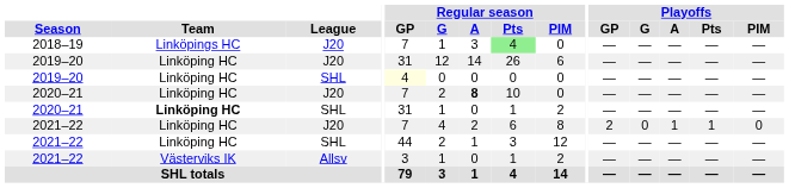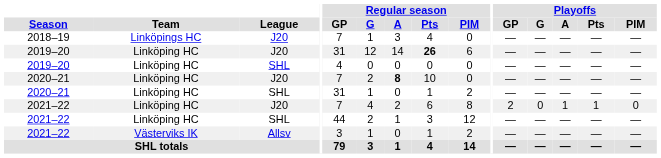 <table border="0" cellpadding="1" cellspacing="0" style="text-align:center; width:60em">
 <tr bgcolor="#e0e0e0">
 <th colspan="3" bgcolor="#ffffff"></th>
 <th rowspan="99" bgcolor="#ffffff"></th>
 <th colspan="5"><a href='#'>Regular season</a></th>
 <th rowspan="99" bgcolor="#ffffff"></th>
 <th colspan="5"><a href='#'>Playoffs</a></th>
 </tr>
 <tr bgcolor="#e0e0e0">
 <th><a href='#'>Season</a></th>
 <th>Team</th>
 <th>League</th>
 <th>GP</th>
 <th><a href='#'>G</a></th>
 <th><a href='#'>A</a></th>
 <th><a href='#'>Pts</a></th>
 <th><a href='#'>PIM</a></th>
 <th>GP</th>
 <th>G</th>
 <th>A</th>
 <th>Pts</th>
 <th>PIM</th>
 </tr>
 <tr ALIGN="center">
 <td>2018–19</td>
 <td><a href='#'>Linköpings HC</a></td>
 <td><a href='#'>J20</a></td>
 <td>7</td>
 <td>1</td>
 <td>3</td>
-<td style="background: lightgreen;">4</td>
+<td>4</td>
 <td>0</td>
 <td>—</td>
 <td>—</td>
 <td>—</td>
 <td>—</td>
 <td>—</td>
 </tr>
 <tr ALIGN="center" bgcolor="#f0f0f0">
 <td>2019–20</td>
 <td>Linköping HC</td>
 <td>J20</td>
 <td>31</td>
 <td>12</td>
 <td>14</td>
-<td>26</td>
+<td><strong>26</strong></td>
 <td>6</td>
 <td>—</td>
 <td>—</td>
 <td>—</td>
 <td>—</td>
 <td>—</td>
 </tr>
 <tr ALIGN="center">
 <td><a href='#'>2019–20</a></td>
 <td>Linköping HC</td>
 <td><a href='#'>SHL</a></td>
-<td style="background: lightyellow;">4</td>
+<td>4</td>
 <td>0</td>
 <td>0</td>
 <td>0</td>
 <td>0</td>
 <td>—</td>
 <td>—</td>
 <td>—</td>
 <td>—</td>
 <td>—</td>
 </tr>
 <tr ALIGN="center" bgcolor="#f0f0f0">
 <td>2020–21</td>
 <td>Linköping HC</td>
 <td>J20</td>
 <td>7</td>
 <td>2</td>
 <td><strong>8</strong></td>
 <td>10</td>
 <td>0</td>
 <td>—</td>
 <td>—</td>
 <td>—</td>
 <td>—</td>
 <td>—</td>
 </tr>
 <tr ALIGN="center">
 <td><a href='#'>2020–21</a></td>
-<td><strong>Linköping HC</strong></td>
+<td>Linköping HC</td>
 <td>SHL</td>
 <td>31</td>
 <td>1</td>
 <td>0</td>
 <td>1</td>
 <td>2</td>
 <td>—</td>
 <td>—</td>
 <td>—</td>
 <td>—</td>
 <td>—</td>
 </tr>
 <tr ALIGN="center" bgcolor="#f0f0f0">
 <td>2021–22</td>
 <td>Linköping HC</td>
 <td>J20</td>
 <td>7</td>
 <td>4</td>
 <td>2</td>
 <td>6</td>
 <td>8</td>
 <td>2</td>
 <td>0</td>
 <td>1</td>
 <td>1</td>
 <td>0</td>
 </tr>
 <tr ALIGN="center">
 <td><a href='#'>2021–22</a></td>
 <td>Linköping HC</td>
 <td>SHL</td>
 <td>44</td>
 <td>2</td>
 <td>1</td>
 <td>3</td>
 <td>12</td>
 <td>—</td>
 <td>—</td>
 <td>—</td>
 <td>—</td>
 <td>—</td>
 </tr>
 <tr ALIGN="center" bgcolor="#f0f0f0">
 <td><a href='#'>2021–22</a></td>
 <td><a href='#'>Västerviks IK</a></td>
 <td><a href='#'>Allsv</a></td>
 <td>3</td>
 <td>1</td>
 <td>0</td>
 <td>1</td>
 <td>2</td>
 <td>—</td>
 <td>—</td>
 <td>—</td>
 <td>—</td>
 <td>—</td>
 </tr>
 <tr style="background:#e0e0e0;">
 <th colspan="3">SHL totals</th>
 <th>79</th>
 <th>3</th>
 <th>1</th>
 <th>4</th>
 <th>14</th>
 <th>—</th>
 <th>—</th>
 <th>—</th>
 <th>—</th>
 <th>—</th>
 </tr>
 </table>
